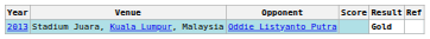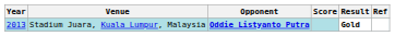 <table class="sortable wikitable" style="font-size: 90%;">
 <tr>
 <th>Year</th>
 <th>Venue</th>
 <th>Opponent</th>
 <th>Score</th>
 <th>Result</th>
 <th>Ref</th>
 </tr>
 <tr style="background:#B0E0E6">
 <td align="center" rowspan=3><a href='#'>2013</a></td>
 <td align="left" rowspan=3>Stadium Juara, <a href='#'>Kuala Lumpur</a>, Malaysia</td>
-<td align="left"> <a href='#'>Oddie Listyanto Putra</a></td>
+<td align="left"><strong> <a href='#'>Oddie Listyanto Putra</a></strong></td>
 <td align="left"></td>
 <td style="text-align:left; background:white" rowspan=3> <strong>Gold</strong></td>
 <td style="text-align:center; background:white"></td>
 </tr>
 </table>
